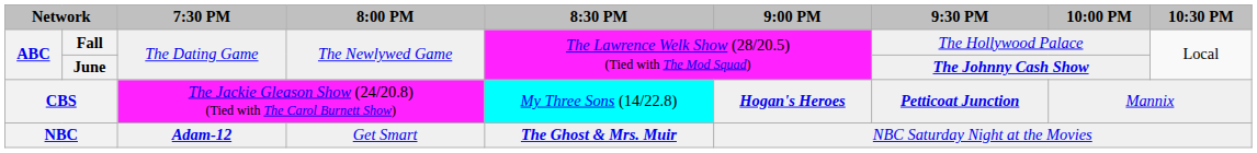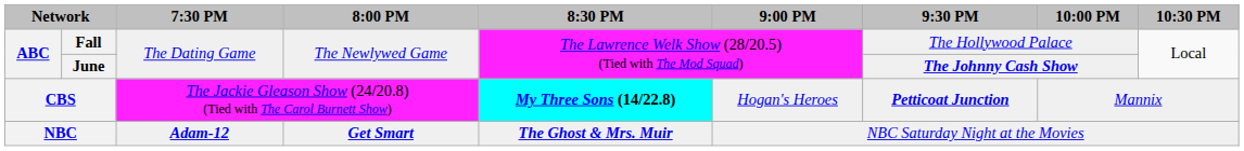 <table class="wikitable" style="width:100%;margin-right:0;text-align:center">
 <tr>
 <th colspan="2" style="background-color:#C0C0C0;text-align:center">Network</th>
 <th style="background-color:#C0C0C0;text-align:center">7:30 PM</th>
 <th style="background-color:#C0C0C0;text-align:center">8:00 PM</th>
 <th style="background-color:#C0C0C0;text-align:center">8:30 PM</th>
 <th style="background-color:#C0C0C0;text-align:center">9:00 PM</th>
 <th style="background-color:#C0C0C0;text-align:center">9:30 PM</th>
 <th style="background-color:#C0C0C0;text-align:center">10:00 PM</th>
 <th style="background-color:#C0C0C0;text-align:center">10:30 PM</th>
 </tr>
 <tr>
 <th bgcolor="#C0C0C0" rowspan="2"><a href='#'>ABC</a></th>
 <th>Fall</th>
 <td bgcolor="#F0F0F0" rowspan="2"><em><a href='#'>The Dating Game</a></em></td>
 <td bgcolor="#F0F0F0" rowspan="2"><em><a href='#'>The Newlywed Game</a></em></td>
 <td bgcolor="#FF22FF" colspan="2" rowspan="2"><em><a href='#'>The Lawrence Welk Show</a></em> (28/20.5)<br><small>(Tied with <em><a href='#'>The Mod Squad</a></em>)</small></td>
 <td bgcolor="#F0F0F0" colspan="2"><em><a href='#'>The Hollywood Palace</a></em></td>
 <td rowspan="2">Local</td>
 </tr>
 <tr>
 <th>June</th>
 <td bgcolor="#F0F0F0" colspan="2"><strong><em><a href='#'>The Johnny Cash Show</a></em></strong></td>
 </tr>
 <tr>
 <th bgcolor="#C0C0C0" colspan="2"><a href='#'>CBS</a></th>
 <td bgcolor="#FF22FF" colspan="2"><em><a href='#'>The Jackie Gleason Show</a></em> (24/20.8)<br><small>(Tied with <em><a href='#'>The Carol Burnett Show</a></em>)</small></td>
-<td bgcolor="#00FFFF"><em><a href='#'>My Three Sons</a></em> (14/22.8)</td>
-<td bgcolor="#F0F0F0"><strong><em><a href='#'>Hogan's Heroes</a></em></strong></td>
+<td bgcolor="#00FFFF"><strong><em><a href='#'>My Three Sons</a></em> (14/22.8)</strong></td>
+<td bgcolor="#F0F0F0"><em><a href='#'>Hogan's Heroes</a></em></td>
 <td bgcolor="#F0F0F0"><strong><em><a href='#'>Petticoat Junction</a></em></strong></td>
 <td bgcolor="#F0F0F0" colspan="2"><em><a href='#'>Mannix</a></em></td>
 </tr>
 <tr>
 <th bgcolor="#C0C0C0" colspan="2"><a href='#'>NBC</a></th>
 <td bgcolor="#F0F0F0"><strong><em><a href='#'>Adam-12</a></em></strong></td>
-<td bgcolor="#F0F0F0"><em><a href='#'>Get Smart</a></em></td>
+<td bgcolor="#F0F0F0"><strong><em><a href='#'>Get Smart</a></em></strong></td>
 <td bgcolor="#F0F0F0"><strong><em><a href='#'>The Ghost & Mrs. Muir</a></em></strong></td>
 <td bgcolor="#F0F0F0" colspan="4"><em><a href='#'>NBC Saturday Night at the Movies</a></em></td>
 </tr>
 </table>
